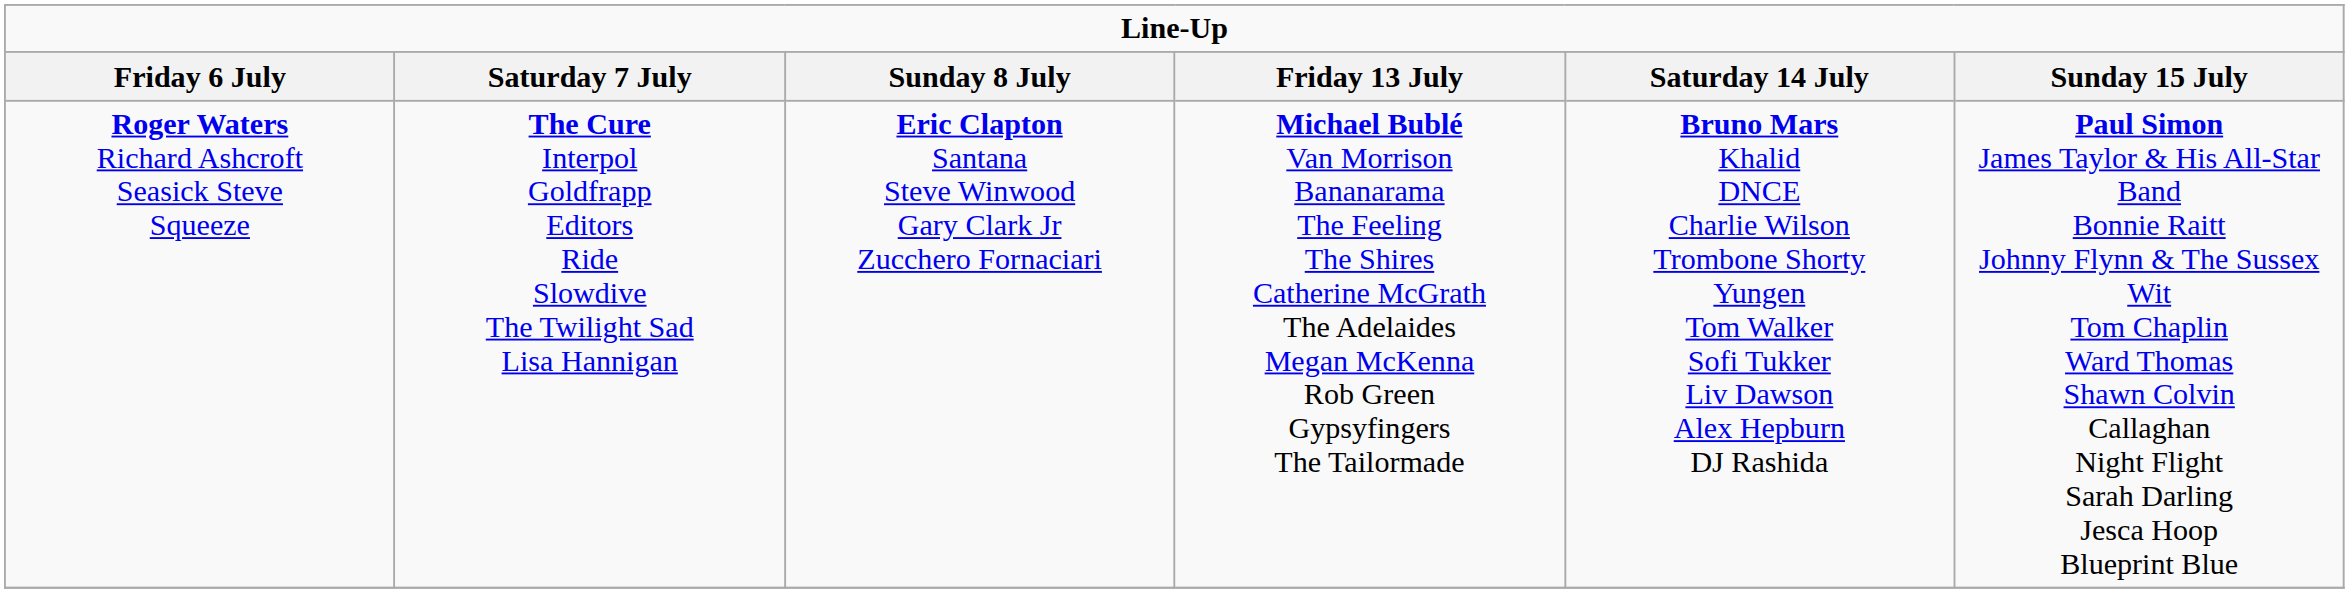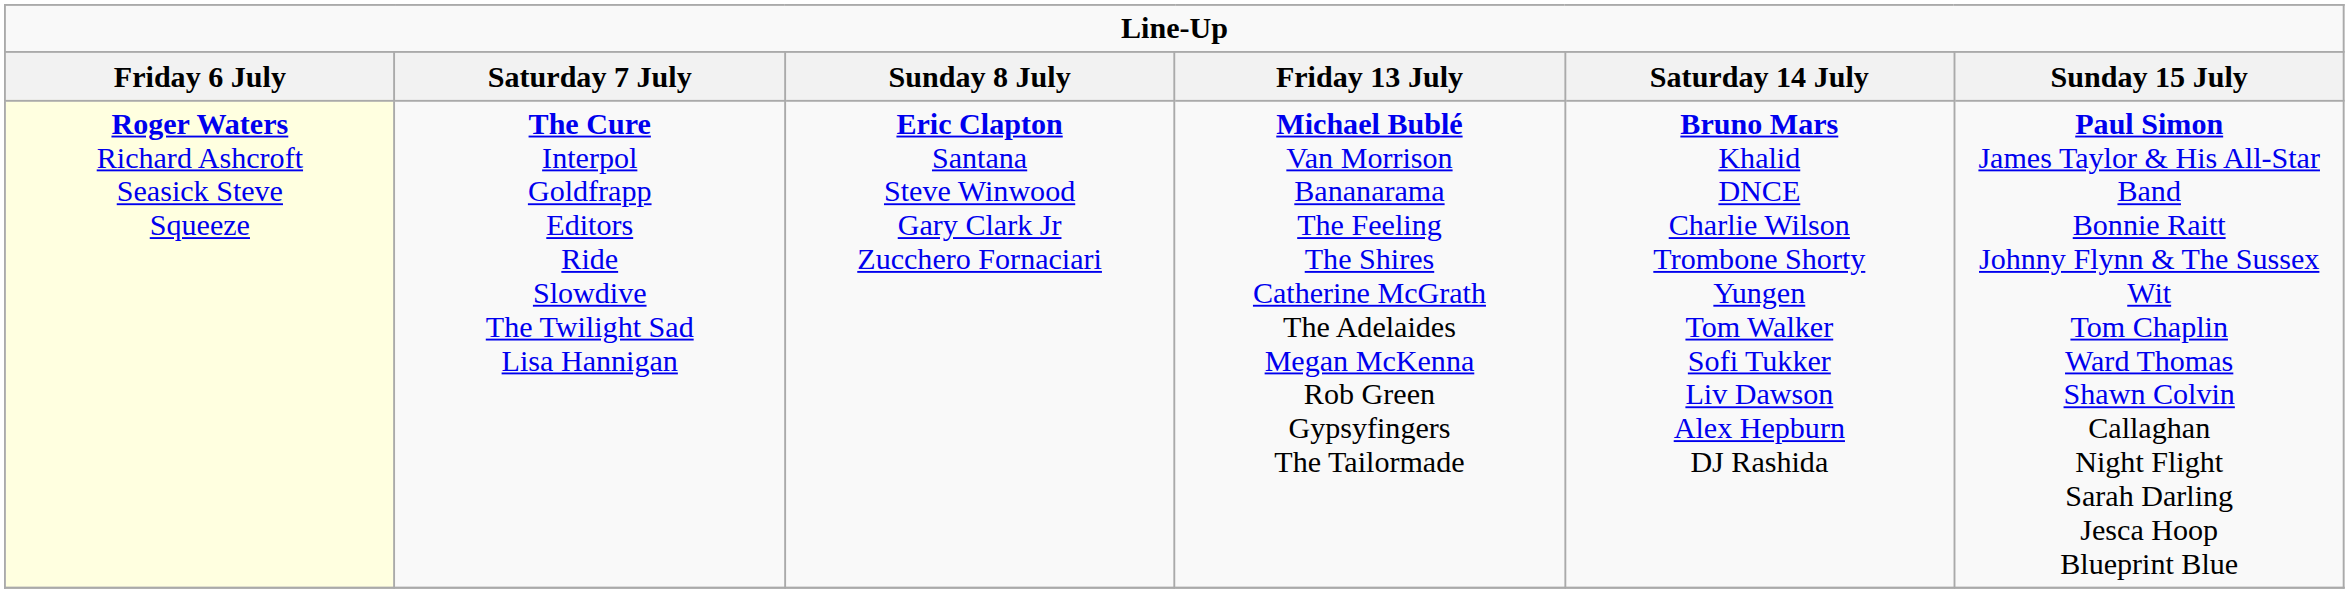 <table class="wikitable">
 <tr>
 <td colspan="6" style="text-align:center;"><strong>Line-Up</strong></td>
 </tr>
 <tr>
 <th>Friday 6 July</th>
 <th>Saturday 7 July</th>
 <th>Sunday 8 July</th>
 <th>Friday 13 July</th>
 <th>Saturday 14 July</th>
 <th>Sunday 15 July</th>
 </tr>
 <tr>
-<td style="text-align:center; vertical-align:top; width:200px;"><strong><a href='#'>Roger Waters</a></strong><br><a href='#'>Richard Ashcroft</a><br><a href='#'>Seasick Steve</a><br><a href='#'>Squeeze</a></td>
+<td style="background: lightyellow; text-align:center; vertical-align:top; width:200px;"><strong><a href='#'>Roger Waters</a></strong><br><a href='#'>Richard Ashcroft</a><br><a href='#'>Seasick Steve</a><br><a href='#'>Squeeze</a></td>
 <td style="text-align:center; vertical-align:top; width:200px;"><strong><a href='#'>The Cure</a></strong><br><a href='#'>Interpol</a><br><a href='#'>Goldfrapp</a><br><a href='#'>Editors</a><br><a href='#'>Ride</a><br><a href='#'>Slowdive</a><br><a href='#'>The Twilight Sad</a><br><a href='#'>Lisa Hannigan</a></td>
 <td style="text-align:center; vertical-align:top; width:200px;"><strong><a href='#'>Eric Clapton</a></strong><br><a href='#'>Santana</a><br><a href='#'>Steve Winwood</a><br><a href='#'>Gary Clark Jr</a><br><a href='#'>Zucchero Fornaciari</a></td>
 <td style="text-align:center; vertical-align:top; width:200px;"><strong><a href='#'>Michael Bublé</a></strong><br><a href='#'>Van Morrison</a><br><a href='#'>Bananarama</a><br><a href='#'>The Feeling</a><br><a href='#'>The Shires</a><br><a href='#'>Catherine McGrath</a><br>The Adelaides<br><a href='#'>Megan McKenna</a><br>Rob Green<br>Gypsyfingers<br>The Tailormade</td>
 <td style="text-align:center; vertical-align:top; width:200px;"><strong><a href='#'>Bruno Mars</a></strong><br><a href='#'>Khalid</a><br><a href='#'>DNCE</a><br><a href='#'>Charlie Wilson</a><br><a href='#'>Trombone Shorty</a><br><a href='#'>Yungen</a><br><a href='#'>Tom Walker</a><br><a href='#'>Sofi Tukker</a><br><a href='#'>Liv Dawson</a><br><a href='#'>Alex Hepburn</a><br>DJ Rashida</td>
 <td style="text-align:center; vertical-align:top; width:200px;"><strong><a href='#'>Paul Simon</a></strong><br><a href='#'>James Taylor & His All-Star Band</a><br><a href='#'>Bonnie Raitt</a><br><a href='#'>Johnny Flynn & The Sussex Wit</a><br><a href='#'>Tom Chaplin</a><br><a href='#'>Ward Thomas</a><br><a href='#'>Shawn Colvin</a><br>Callaghan<br>Night Flight<br>Sarah Darling<br>Jesca Hoop<br>Blueprint Blue</td>
 </tr>
 <tr>
 </tr>
 </table>
